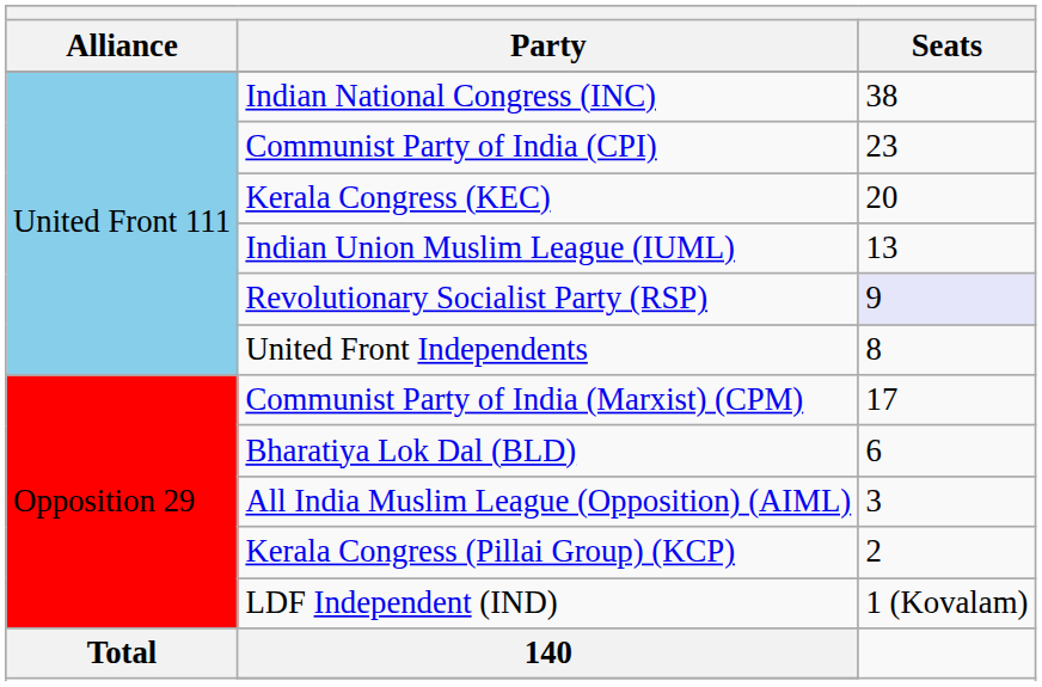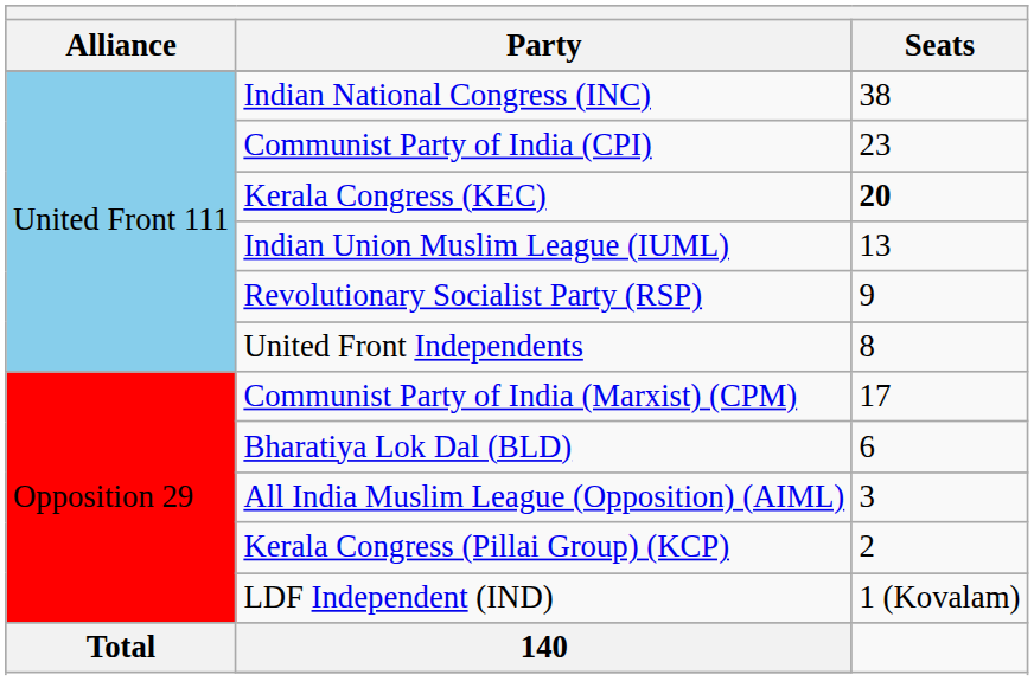 <table class="wikitable sortable">
 <tr>
 <th colspan=10></th>
 </tr>
 <tr>
 <th>Alliance</th>
 <th>Party</th>
 <th>Seats</th>
 </tr>
 <tr --->
 </tr>
 <tr --->
 <td rowspan="6" style="background:skyblue; color:black;">United Front  111</td>
 <td><a href='#'>Indian National Congress (INC)</a></td>
 <td>38</td>
 </tr>
 <tr --->
 <td><a href='#'>Communist Party of India (CPI)</a></td>
 <td>23</td>
 </tr>
 <tr --->
 <td><a href='#'>Kerala Congress (KEC)</a></td>
-<td>20</td>
+<td><strong>20</strong></td>
 </tr>
 <tr --->
 <td><a href='#'>Indian Union Muslim League (IUML)</a></td>
 <td>13</td>
 </tr>
 <tr --->
 <td><a href='#'>Revolutionary Socialist Party (RSP)</a></td>
-<td style="background: lavender;">9</td>
+<td>9</td>
 </tr>
 <tr --->
 <td>United Front <a href='#'>Independents</a></td>
 <td>8</td>
 </tr>
 <tr --->
 <td rowspan="5" style="background:#f00; color:black;">Opposition 29</td>
 <td><a href='#'>Communist Party of India (Marxist) (CPM)</a></td>
 <td>17</td>
 </tr>
 <tr --->
 <td><a href='#'>Bharatiya Lok Dal (BLD)</a></td>
 <td>6</td>
 </tr>
 <tr --->
 <td><a href='#'>All India Muslim League (Opposition) (AIML)</a></td>
 <td>3</td>
 </tr>
 <tr --->
 <td><a href='#'>Kerala Congress (Pillai Group) (KCP)</a></td>
 <td>2</td>
 </tr>
 <tr --->
 <td>LDF <a href='#'>Independent</a> (IND)</td>
 <td>1 (Kovalam)</td>
 </tr>
 <tr --->
 <th rowspan=2>Total</th>
 <th>140</th>
 </tr>
 <tr --->
 </tr>
 </table>
